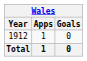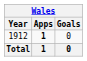 <table class="wikitable" style="text-align:center">
 <tr>
 <th colspan=3><a href='#'>Wales</a></th>
 </tr>
 <tr>
 <th>Year</th>
 <th>Apps</th>
 <th>Goals</th>
 </tr>
 <tr>
 <td>1912</td>
-<td>1</td>
+<td><strong>1</strong></td>
 <td>0</td>
 </tr>
 <tr>
 <th>Total</th>
 <th>1</th>
 <th>0</th>
 </tr>
 </table>
